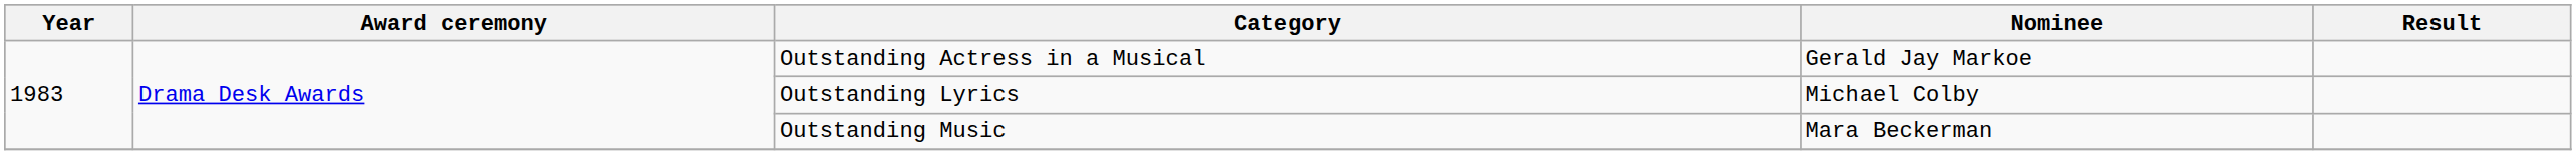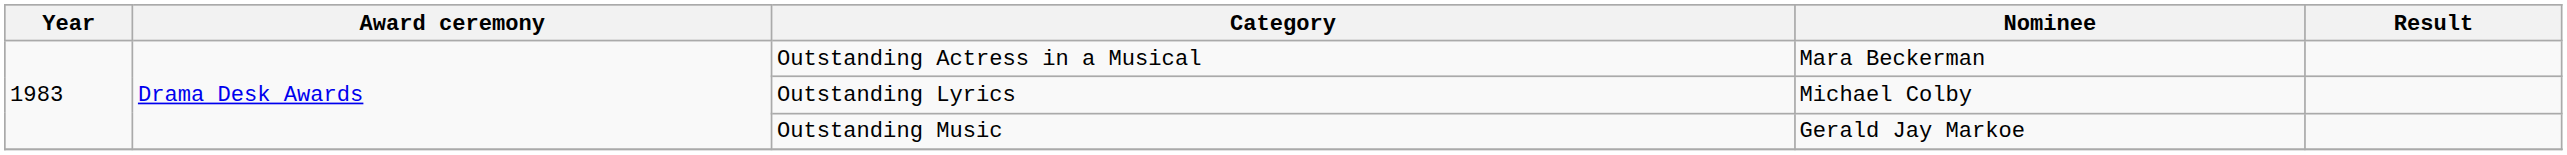 <table class="wikitable" width="95%">
 <tr>
 <th width="5%">Year</th>
 <th width="25%">Award ceremony</th>
 <th width="40%">Category</th>
 <th width="20%">Nominee</th>
 <th width="10%">Result</th>
 </tr>
 <tr>
 <td rowspan="3">1983</td>
 <td rowspan="3"><a href='#'>Drama Desk Awards</a></td>
 <td>Outstanding Actress in a Musical</td>
-<td>Gerald Jay Markoe</td>
+<td>Mara Beckerman</td>
 <td></td>
 </tr>
 <tr>
 <td>Outstanding Lyrics</td>
 <td>Michael Colby</td>
 <td></td>
 </tr>
 <tr>
 <td>Outstanding Music</td>
-<td>Mara Beckerman</td>
+<td>Gerald Jay Markoe</td>
 <td></td>
 </tr>
 <tr>
 </tr>
 </table>
